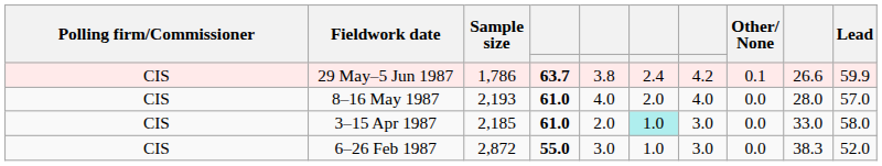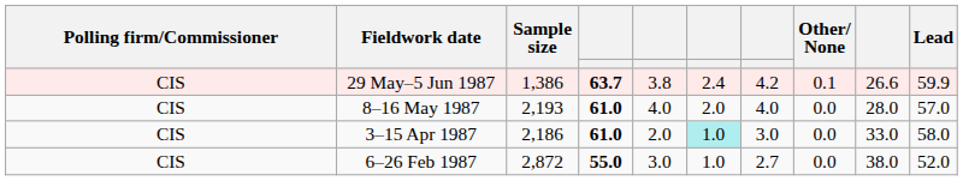 <table class="wikitable collapsible collapsed" style="text-align:center; font-size:90%; line-height:14px;">
 <tr style="height:42px;">
 <th style="width:250px;" rowspan="2">Polling firm/Commissioner</th>
 <th style="width:125px;" rowspan="2">Fieldwork date</th>
 <th style="width:50px;" rowspan="2">Sample size</th>
 <th style="width:35px;"></th>
 <th style="width:35px;"></th>
 <th style="width:35px;"></th>
 <th style="width:35px;"></th>
 <th style="width:35px;" rowspan="2">Other/<br>None</th>
 <th style="width:35px;" rowspan="2"></th>
 <th style="width:30px;" rowspan="2">Lead</th>
 </tr>
 <tr>
 <th style="color:inherit;background:"></th>
 <th style="color:inherit;background:"></th>
 <th style="color:inherit;background:"></th>
 <th style="color:inherit;background:"></th>
 </tr>
 <tr style="background:#FFEAEA;">
 <td>CIS</td>
 <td>29 May–5 Jun 1987</td>
-<td>1,786</td>
+<td>1,386</td>
 <td><strong>63.7</strong></td>
 <td>3.8</td>
 <td>2.4</td>
 <td>4.2</td>
 <td>0.1</td>
 <td>26.6</td>
 <td style="background:">59.9</td>
 </tr>
 <tr>
 <td>CIS</td>
 <td>8–16 May 1987</td>
 <td>2,193</td>
 <td><strong>61.0</strong></td>
 <td>4.0</td>
 <td>2.0</td>
 <td>4.0</td>
 <td>0.0</td>
 <td>28.0</td>
 <td style="background:">57.0</td>
 </tr>
 <tr>
 <td>CIS</td>
 <td>3–15 Apr 1987</td>
-<td>2,185</td>
+<td>2,186</td>
 <td><strong>61.0</strong></td>
 <td>2.0</td>
 <td style="background: paleturquoise;">1.0</td>
 <td>3.0</td>
 <td>0.0</td>
 <td>33.0</td>
 <td style="background:">58.0</td>
 </tr>
 <tr>
 <td>CIS</td>
 <td>6–26 Feb 1987</td>
 <td>2,872</td>
 <td><strong>55.0</strong></td>
 <td>3.0</td>
 <td>1.0</td>
-<td>3.0</td>
+<td>2.7</td>
 <td>0.0</td>
-<td>38.3</td>
+<td>38.0</td>
 <td style="background:">52.0</td>
 </tr>
 </table>
